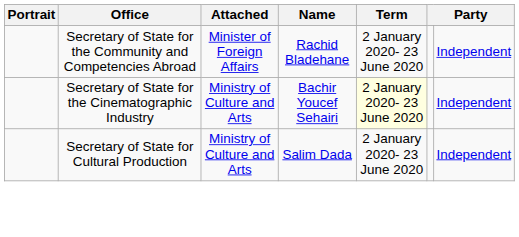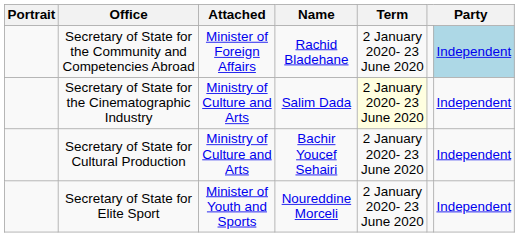 <table class="wikitable" style="text-align:center">
 <tr>
 <th>Portrait</th>
 <th>Office</th>
 <th>Attached</th>
 <th>Name</th>
 <th>Term</th>
 <th colspan="2">Party</th>
 </tr>
 <tr>
 <td></td>
 <td>Secretary of State for the Community and Competencies Abroad</td>
 <td><a href='#'>Minister of Foreign Affairs</a></td>
 <td><a href='#'>Rachid Bladehane</a></td>
 <td>2 January 2020- 23 June 2020</td>
 <td></td>
-<td><a href='#'>Independent</a></td>
+<td style="background: lightblue;"><a href='#'>Independent</a></td>
 </tr>
 <tr>
 <td></td>
 <td>Secretary of State for the Cinematographic Industry</td>
 <td><a href='#'>Ministry of Culture and Arts</a></td>
-<td><a href='#'>Bachir Youcef Sehairi</a></td>
+<td><a href='#'>Salim Dada</a></td>
 <td style="background: lightyellow;">2 January 2020- 23 June 2020</td>
 <td></td>
 <td><a href='#'>Independent</a></td>
 </tr>
 <tr>
 <td></td>
 <td>Secretary of State for Cultural Production</td>
 <td><a href='#'>Ministry of Culture and Arts</a></td>
-<td><a href='#'>Salim Dada</a></td>
+<td><a href='#'>Bachir Youcef Sehairi</a></td>
+<td>2 January 2020- 23 June 2020</td>
+<td></td>
+<td><a href='#'>Independent</a></td>
+</tr>
+<tr>
+<td></td>
+<td>Secretary of State for Elite Sport</td>
+<td><a href='#'>Minister of Youth and Sports</a></td>
+<td><a href='#'>Noureddine Morceli</a></td>
 <td>2 January 2020- 23 June 2020</td>
 <td></td>
 <td><a href='#'>Independent</a></td>
 </tr>
 </table>
